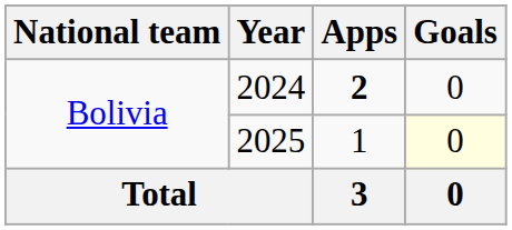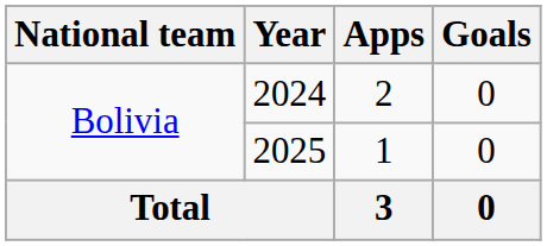 <table class="wikitable" style="text-align:center">
 <tr>
 <th>National team</th>
 <th>Year</th>
 <th>Apps</th>
 <th>Goals</th>
 </tr>
 <tr>
 <td rowspan="2"><a href='#'>Bolivia</a></td>
 <td>2024</td>
-<td><strong>2</strong></td>
+<td>2</td>
 <td>0</td>
 </tr>
 <tr>
 <td>2025</td>
 <td>1</td>
-<td style="background: lightyellow;">0</td>
+<td>0</td>
 </tr>
 <tr>
 <th colspan="2">Total</th>
 <th>3</th>
 <th>0</th>
 </tr>
 </table>
